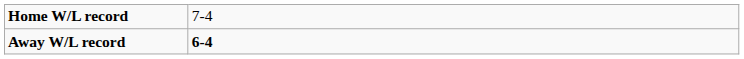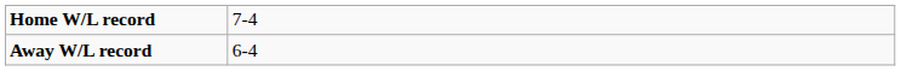 <table class="wikitable" style="width:60%;">
 <tr>
 <td style="width:25%;"><strong>Home W/L record</strong></td>
 <td>7-4</td>
 </tr>
 <tr>
 <td style="width:25%;"><strong>Away W/L record</strong></td>
-<td><strong>6-4</strong></td>
+<td>6-4</td>
 </tr>
 </table>
